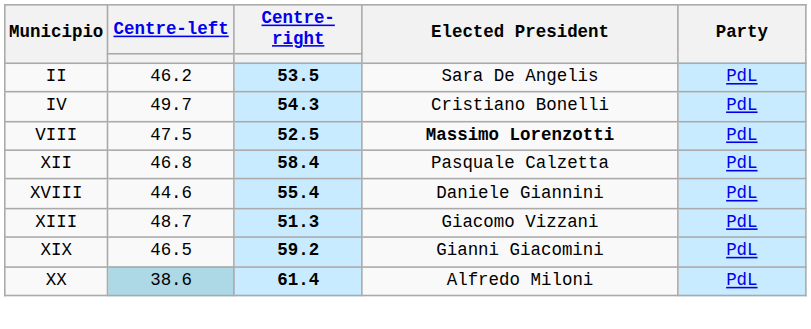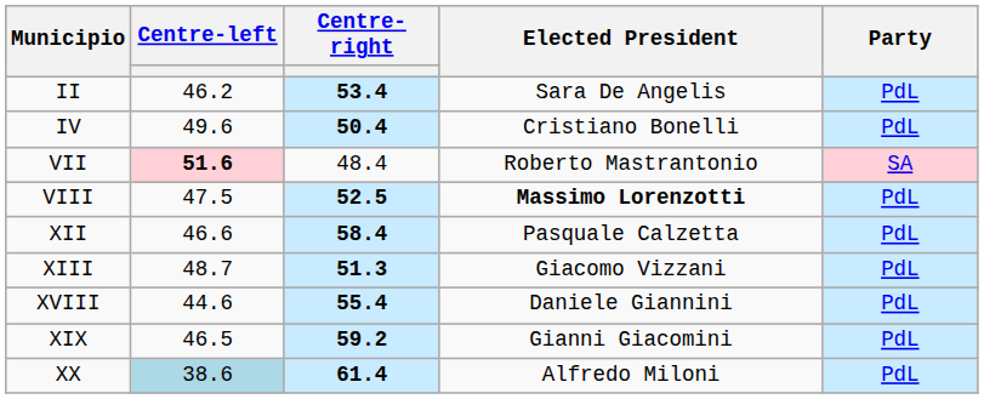 <table class="wikitable" style="text-align:center; font-size:85%; line-height:13px">
 <tr style="height:30px; background-color:#E9E9E9">
 <th style="width:50px;" rowspan="2">Municipio</th>
 <th style="width:75px;"><a href='#'>Centre-left</a></th>
 <th style="width:75px;"><a href='#'>Centre-right</a></th>
 <th style="width:195px;" rowspan="2">Elected President</th>
 <th style="width:75px;" rowspan="2">Party</th>
 </tr>
 <tr>
 <th style="background:"></th>
 <th style="background:"></th>
 </tr>
 <tr>
 <td>II</td>
 <td>46.2</td>
-<td style="background:#C8EBFF"><strong>53.5</strong></td>
+<td style="background:#C8EBFF"><strong>53.4</strong></td>
 <td>Sara De Angelis</td>
 <td style="background:#C8EBFF"><a href='#'>PdL</a></td>
 </tr>
 <tr>
 <td>IV</td>
-<td>49.7</td>
-<td style="background:#C8EBFF"><strong>54.3</strong></td>
+<td>49.6</td>
+<td style="background:#C8EBFF"><strong>50.4</strong></td>
 <td>Cristiano Bonelli</td>
 <td style="background:#C8EBFF"><a href='#'>PdL</a></td>
+</tr>
+<tr>
+<td>VII</td>
+<td style="background:#FFD0D7"><strong>51.6</strong></td>
+<td>48.4</td>
+<td>Roberto Mastrantonio</td>
+<td style="background:#FFD0D7"><a href='#'>SA</a></td>
 </tr>
 <tr>
 <td>VIII</td>
 <td>47.5</td>
 <td style="background:#C8EBFF"><strong>52.5</strong></td>
 <td><strong>Massimo Lorenzotti</strong></td>
 <td style="background:#C8EBFF"><a href='#'>PdL</a></td>
 </tr>
 <tr>
 <td>XII</td>
-<td>46.8</td>
+<td>46.6</td>
 <td style="background:#C8EBFF"><strong>58.4</strong></td>
 <td>Pasquale Calzetta</td>
+<td style="background:#C8EBFF"><a href='#'>PdL</a></td>
+</tr>
+<tr>
+<td>XIII</td>
+<td>48.7</td>
+<td style="background:#C8EBFF"><strong>51.3</strong></td>
+<td>Giacomo Vizzani</td>
 <td style="background:#C8EBFF"><a href='#'>PdL</a></td>
 </tr>
 <tr>
 <td>XVIII</td>
 <td>44.6</td>
 <td style="background:#C8EBFF"><strong>55.4</strong></td>
 <td>Daniele Giannini</td>
-<td style="background:#C8EBFF"><a href='#'>PdL</a></td>
-</tr>
-<tr>
-<td>XIII</td>
-<td>48.7</td>
-<td style="background:#C8EBFF"><strong>51.3</strong></td>
-<td>Giacomo Vizzani</td>
 <td style="background:#C8EBFF"><a href='#'>PdL</a></td>
 </tr>
 <tr>
 <td>XIX</td>
 <td>46.5</td>
 <td style="background:#C8EBFF"><strong>59.2</strong></td>
 <td>Gianni Giacomini</td>
 <td style="background:#C8EBFF"><a href='#'>PdL</a></td>
 </tr>
 <tr>
 <td>XX</td>
 <td style="background: lightblue;">38.6</td>
 <td style="background:#C8EBFF"><strong>61.4</strong></td>
 <td>Alfredo Miloni</td>
 <td style="background:#C8EBFF"><a href='#'>PdL</a></td>
 </tr>
 </table>
